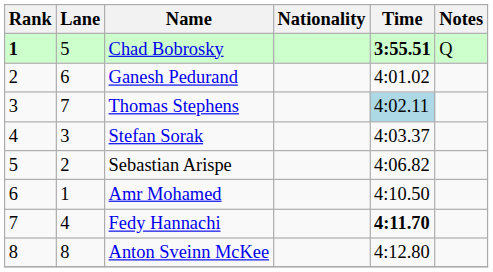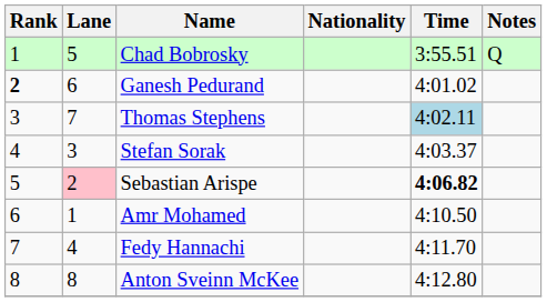 <table class="wikitable">
 <tr>
 <th>Rank</th>
 <th>Lane</th>
 <th>Name</th>
 <th>Nationality</th>
 <th>Time</th>
 <th>Notes</th>
 </tr>
 <tr bgcolor=ccffcc>
-<td><strong>1</strong></td>
+<td>1</td>
 <td>5</td>
 <td><a href='#'>Chad Bobrosky</a></td>
 <td></td>
-<td><strong>3:55.51</strong></td>
+<td>3:55.51</td>
 <td>Q</td>
 </tr>
 <tr>
-<td>2</td>
+<td><strong>2</strong></td>
 <td>6</td>
 <td><a href='#'>Ganesh Pedurand</a></td>
 <td></td>
 <td>4:01.02</td>
 <td></td>
 </tr>
 <tr>
 <td>3</td>
 <td>7</td>
 <td><a href='#'>Thomas Stephens</a></td>
 <td></td>
 <td style="background: lightblue;">4:02.11</td>
 <td></td>
 </tr>
 <tr>
 <td>4</td>
 <td>3</td>
 <td><a href='#'>Stefan Sorak</a></td>
 <td></td>
 <td>4:03.37</td>
 <td></td>
 </tr>
 <tr>
 <td>5</td>
-<td>2</td>
+<td style="background: pink;">2</td>
 <td>Sebastian Arispe</td>
 <td></td>
-<td>4:06.82</td>
+<td><strong>4:06.82</strong></td>
 <td></td>
 </tr>
 <tr>
 <td>6</td>
 <td>1</td>
 <td><a href='#'>Amr Mohamed</a></td>
 <td></td>
 <td>4:10.50</td>
 <td></td>
 </tr>
 <tr>
 <td>7</td>
 <td>4</td>
 <td><a href='#'>Fedy Hannachi</a></td>
 <td></td>
-<td><strong>4:11.70</strong></td>
+<td>4:11.70</td>
 <td></td>
 </tr>
 <tr>
 <td>8</td>
 <td>8</td>
 <td><a href='#'>Anton Sveinn McKee</a></td>
 <td></td>
 <td>4:12.80</td>
 <td></td>
 </tr>
 <tr>
 </tr>
 </table>
